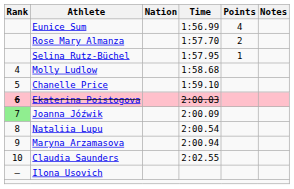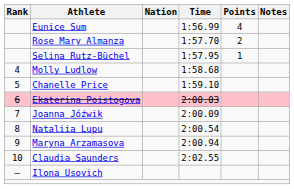 <table class="wikitable mw-datatable sortable" style="text-align:center;">
 <tr>
 <th>Rank</th>
 <th>Athlete</th>
 <th>Nation</th>
 <th>Time</th>
 <th>Points</th>
 <th>Notes</th>
 </tr>
 <tr>
 <td></td>
 <td align=left><a href='#'>Eunice Sum</a></td>
 <td align=left></td>
 <td>1:56.99</td>
 <td>4</td>
 <td></td>
 </tr>
 <tr>
 <td></td>
 <td align=left><a href='#'>Rose Mary Almanza</a></td>
 <td align=left></td>
 <td>1:57.70</td>
 <td>2</td>
 <td></td>
 </tr>
 <tr>
 <td></td>
 <td align=left><a href='#'>Selina Rutz-Büchel</a></td>
 <td align=left></td>
 <td>1:57.95</td>
 <td>1</td>
 <td><strong></strong></td>
 </tr>
 <tr>
 <td>4</td>
 <td align=left><a href='#'>Molly Ludlow</a></td>
 <td align=left></td>
 <td>1:58.68</td>
 <td></td>
 <td></td>
 </tr>
 <tr>
 <td>5</td>
 <td align=left><a href='#'>Chanelle Price</a></td>
 <td align=left></td>
 <td>1:59.10</td>
 <td></td>
 <td></td>
 </tr>
 <tr bgcolor=pink>
-<td><strong><s>6</s></strong></td>
+<td><s>6</s></td>
 <td align=left><s><a href='#'>Ekaterina Poistogova</a></s></td>
 <td align=left><s></s></td>
 <td><s>2:00.03</s></td>
 <td></td>
 <td></td>
 </tr>
 <tr>
-<td style="background: lightgreen;">7</td>
+<td>7</td>
 <td align=left><a href='#'>Joanna Jóźwik</a></td>
 <td align=left></td>
 <td>2:00.09</td>
 <td></td>
 <td></td>
 </tr>
 <tr>
 <td>8</td>
 <td align=left><a href='#'>Nataliia Lupu</a></td>
 <td align=left></td>
 <td>2:00.54</td>
 <td></td>
 <td></td>
 </tr>
 <tr>
 <td>9</td>
 <td align=left><a href='#'>Maryna Arzamasova</a></td>
 <td align=left></td>
 <td>2:00.94</td>
 <td></td>
 <td></td>
 </tr>
 <tr>
 <td>10</td>
 <td align=left><a href='#'>Claudia Saunders</a></td>
 <td align=left></td>
 <td>2:02.55</td>
 <td></td>
 <td></td>
 </tr>
 <tr>
 <td>—</td>
 <td align=left><a href='#'>Ilona Usovich</a></td>
 <td align=left></td>
 <td></td>
 <td></td>
 <td></td>
 </tr>
 <tr class="sortbottom">
 <td colspan=6></td>
 </tr>
 </table>
